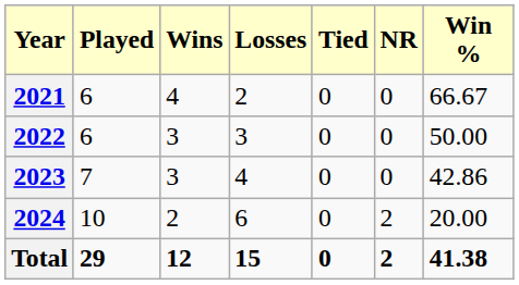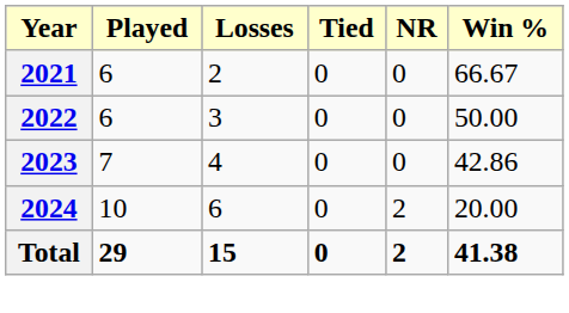 <table class="wikitable" style="width:25%;">
 <tr>
 <th style="background:#ffc;">Year</th>
 <th style="background:#ffc;">Played</th>
-<th style="background:#ffc;">Wins</th>
 <th style="background:#ffc;">Losses</th>
 <th style="background:#ffc;">Tied</th>
 <th style="background:#ffc;">NR</th>
 <th style="background:#ffc;">Win %</th>
 </tr>
 <tr>
 <th><a href='#'>2021</a></th>
 <td>6</td>
-<td>4</td>
 <td>2</td>
 <td>0</td>
 <td>0</td>
 <td>66.67</td>
 </tr>
 <tr>
 <th><a href='#'>2022</a></th>
 <td>6</td>
 <td>3</td>
-<td>3</td>
 <td>0</td>
 <td>0</td>
 <td>50.00</td>
 </tr>
 <tr>
 <th><a href='#'>2023</a></th>
 <td>7</td>
-<td>3</td>
 <td>4</td>
 <td>0</td>
 <td>0</td>
 <td>42.86</td>
 </tr>
 <tr>
 <th><a href='#'>2024</a></th>
 <td>10</td>
-<td>2</td>
 <td>6</td>
 <td>0</td>
 <td>2</td>
 <td>20.00</td>
 </tr>
 <tr>
 <th>Total</th>
 <td><strong>29</strong></td>
-<td><strong>12</strong></td>
 <td><strong>15</strong></td>
 <td><strong>0</strong></td>
 <td><strong>2</strong></td>
 <td><strong>41.38</strong></td>
 </tr>
 </table>
